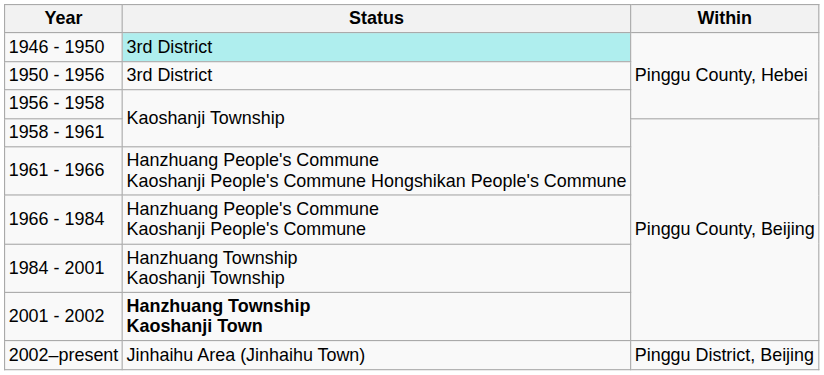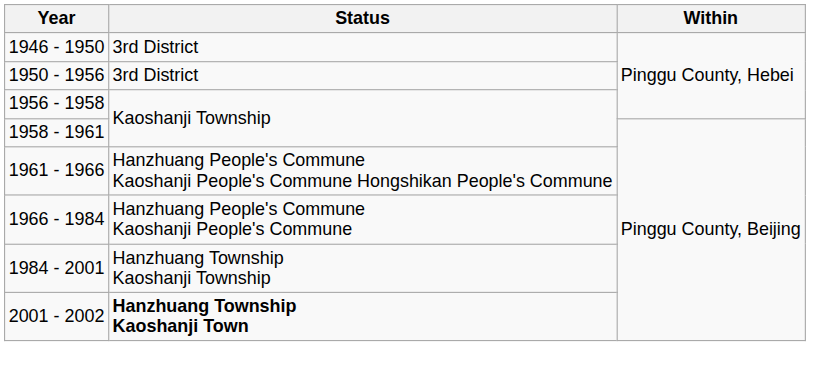 <table class="wikitable">
 <tr>
 <th>Year</th>
 <th>Status</th>
 <th>Within</th>
 </tr>
 <tr>
 <td>1946 - 1950</td>
-<td style="background: paleturquoise;">3rd District</td>
+<td>3rd District</td>
 <td rowspan="3">Pinggu County, Hebei</td>
 </tr>
 <tr>
 <td>1950 - 1956</td>
 <td>3rd District</td>
 </tr>
 <tr>
 <td>1956 - 1958</td>
 <td rowspan="2">Kaoshanji Township</td>
 </tr>
 <tr>
 <td>1958 - 1961</td>
 <td rowspan="5">Pinggu County, Beijing</td>
 </tr>
 <tr>
 <td>1961 - 1966</td>
 <td>Hanzhuang People's Commune<br>Kaoshanji People's Commune Hongshikan People's Commune</td>
 </tr>
 <tr>
 <td>1966 - 1984</td>
 <td>Hanzhuang People's Commune<br>Kaoshanji People's Commune</td>
 </tr>
 <tr>
 <td>1984 - 2001</td>
 <td>Hanzhuang Township<br>Kaoshanji Township</td>
 </tr>
 <tr>
 <td>2001 - 2002</td>
 <td><strong>Hanzhuang Township<br>Kaoshanji Town</strong></td>
 </tr>
-<tr>
-<td>2002–present</td>
-<td>Jinhaihu Area (Jinhaihu Town)</td>
-<td>Pinggu District, Beijing</td>
-</tr>
 </table>
